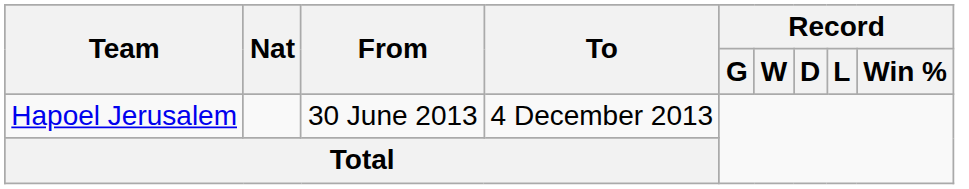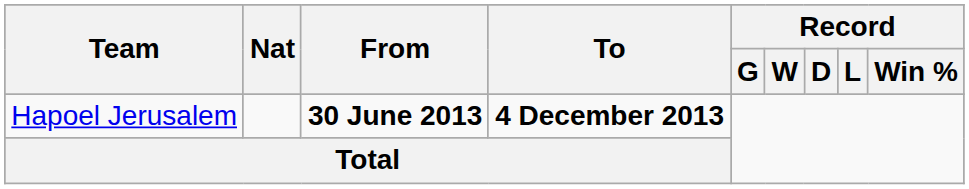 <table class="wikitable" style="text-align: center">
 <tr>
 <th rowspan="2">Team</th>
 <th rowspan="2">Nat</th>
 <th rowspan="2">From</th>
 <th rowspan="2">To</th>
 <th colspan="5">Record</th>
 </tr>
 <tr>
 <th>G</th>
 <th>W</th>
 <th>D</th>
 <th>L</th>
 <th>Win %</th>
 </tr>
 <tr>
 <td align=left><a href='#'>Hapoel Jerusalem</a></td>
 <td></td>
-<td align=left>30 June 2013</td>
-<td align=left>4 December 2013<br></td>
+<td align=left><strong>30 June 2013</strong></td>
+<td align=left><strong>4 December 2013<br></strong></td>
 </tr>
 <tr>
 <th colspan="4">Total<br></th>
 </tr>
 </table>
